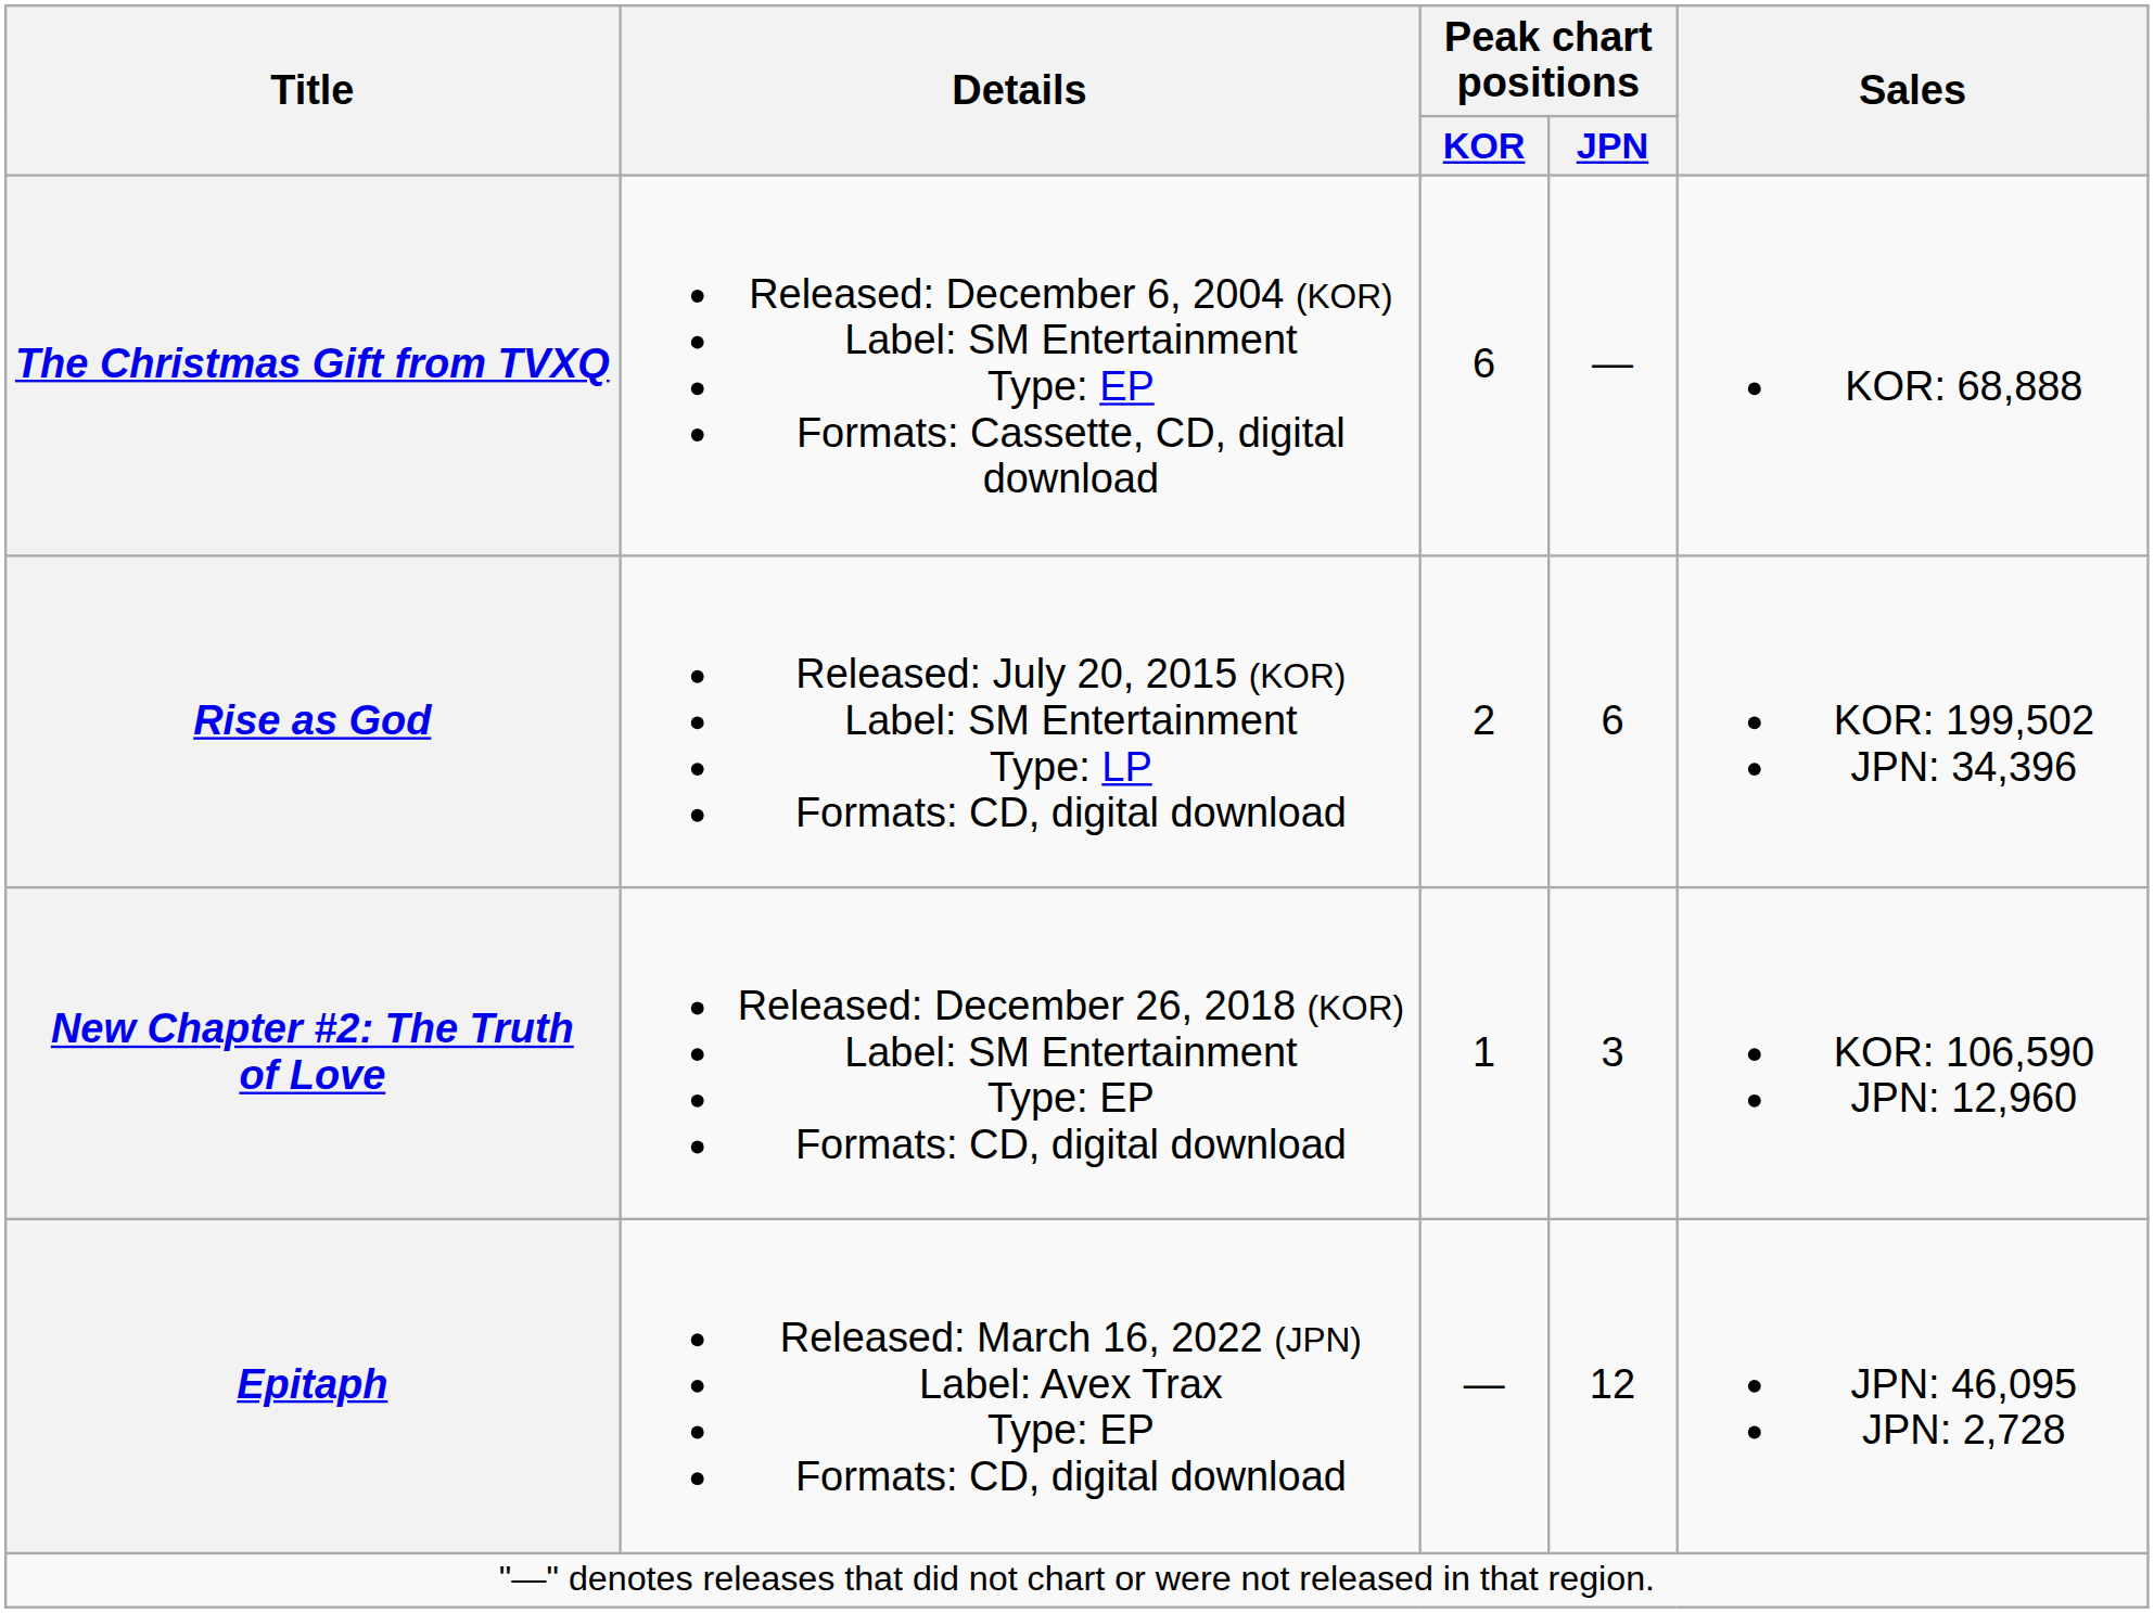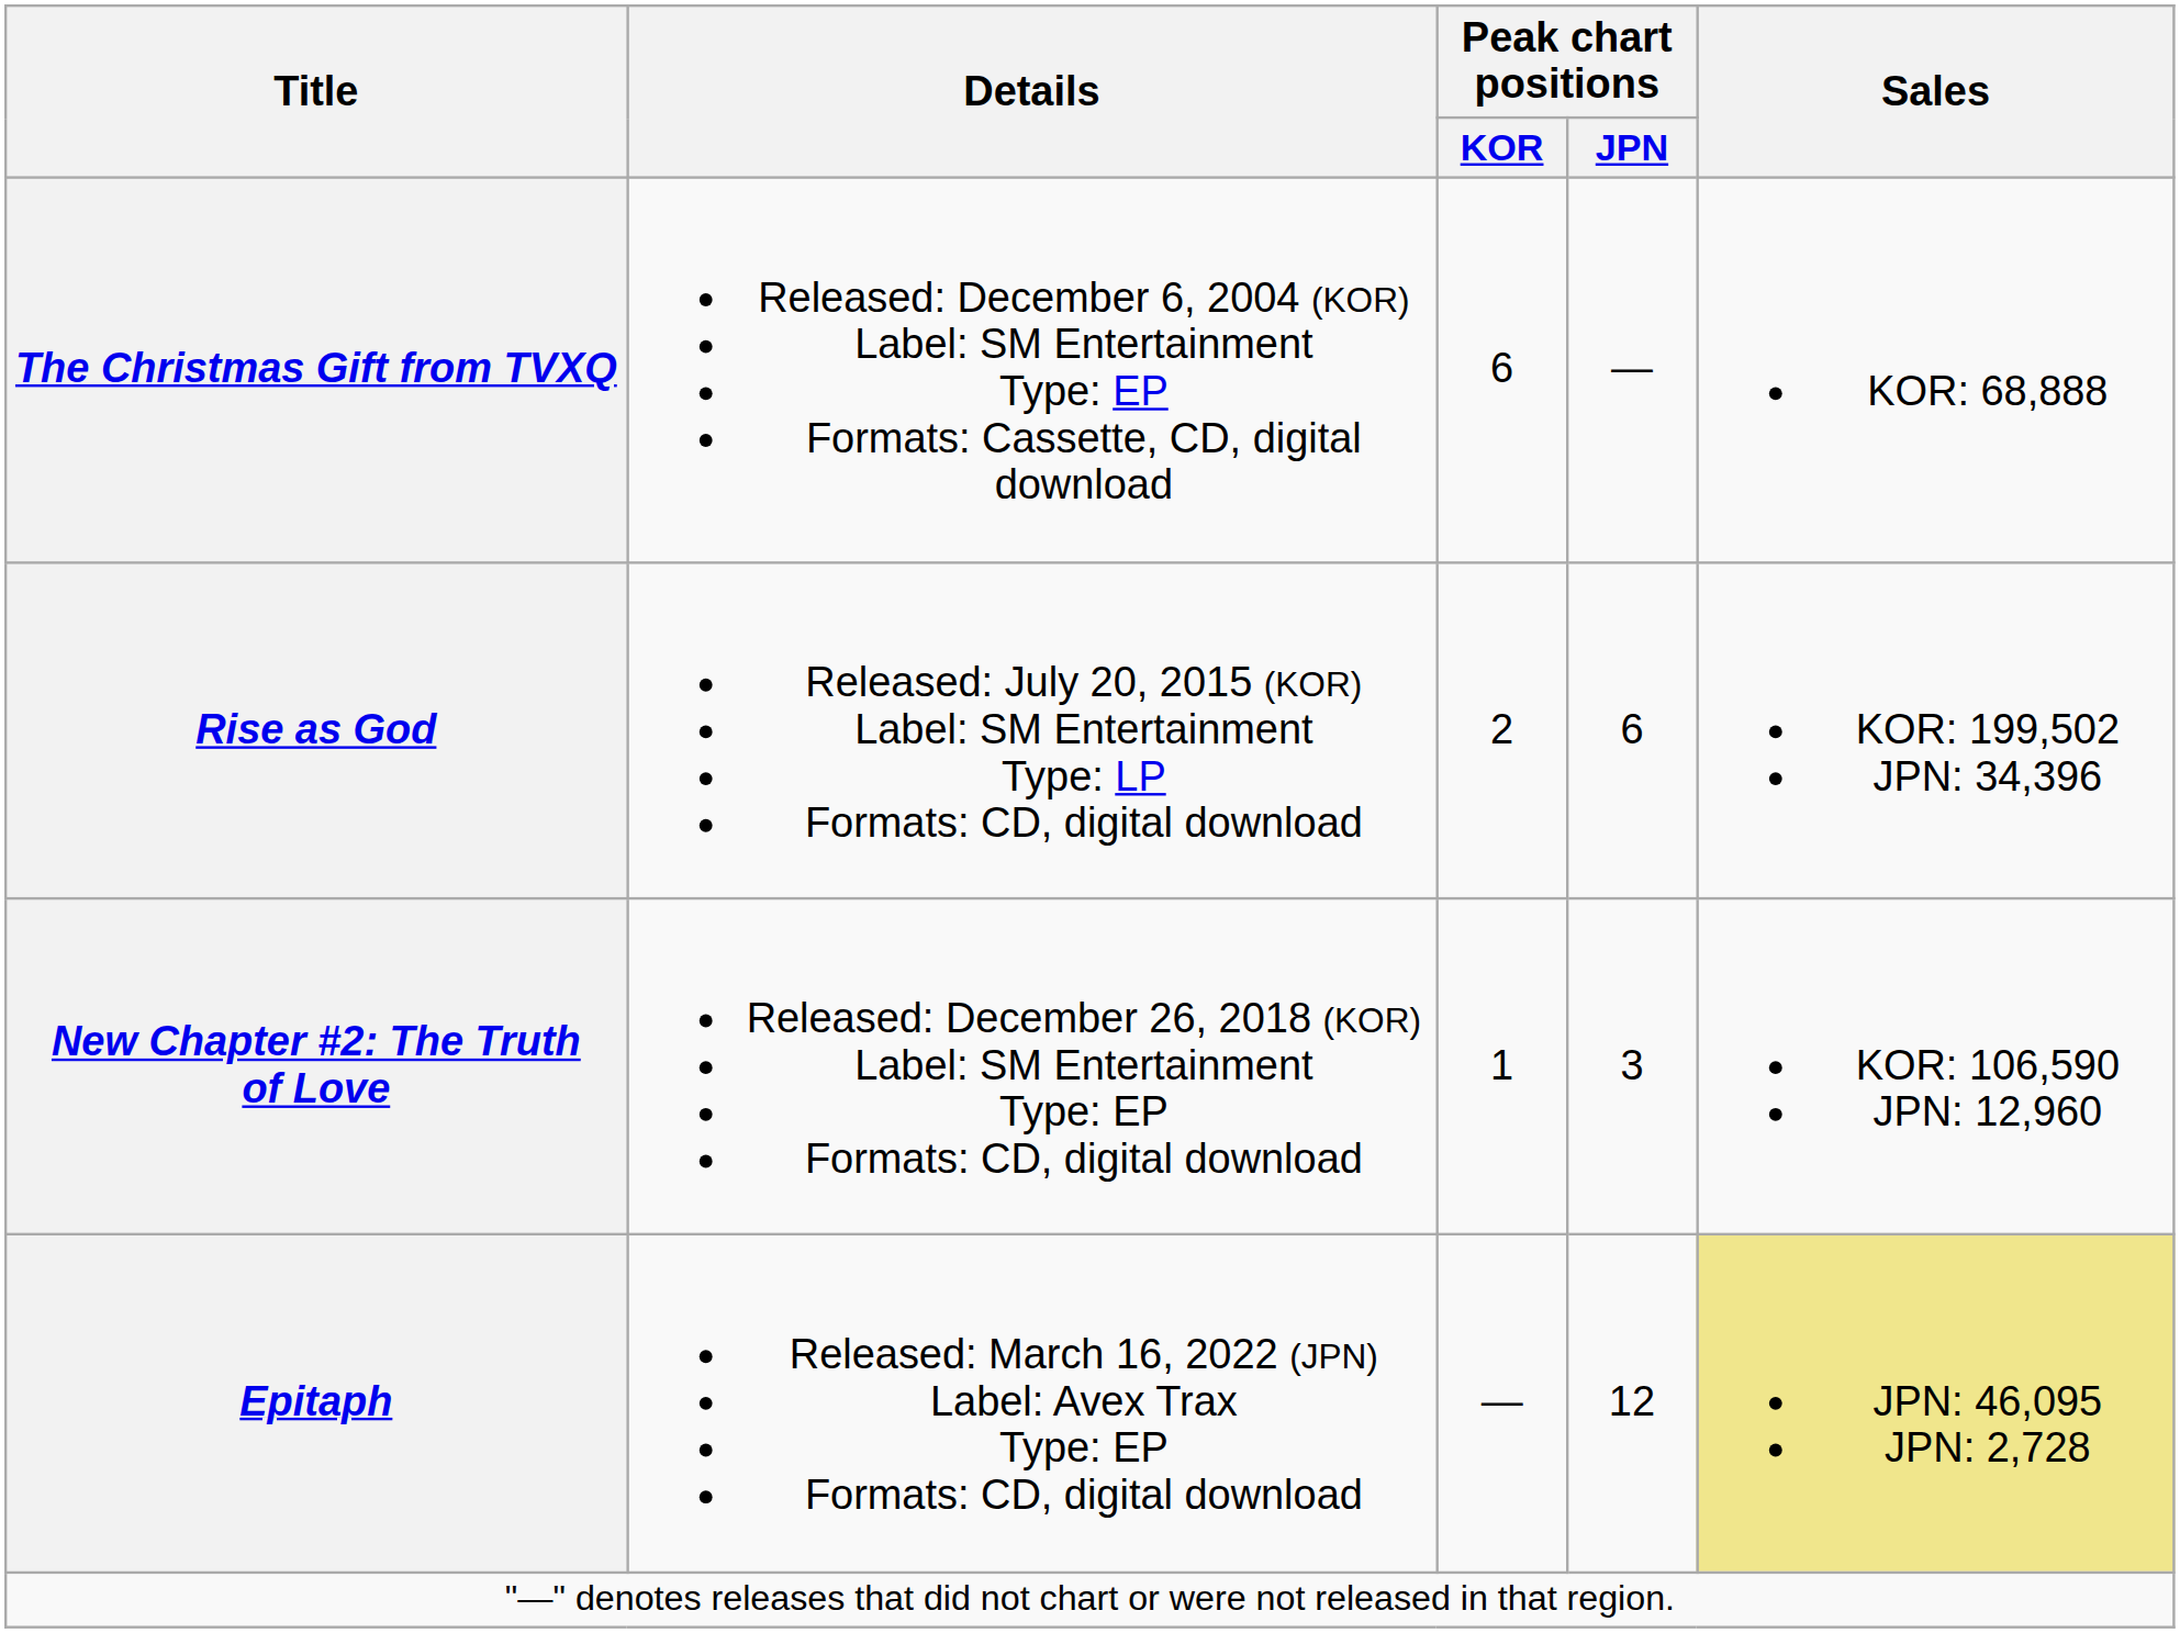 <table class="wikitable plainrowheaders" style="text-align:center;">
 <tr>
 <th scope="col" rowspan="2">Title</th>
 <th scope="col" rowspan="2" style="width:19em;">Details</th>
 <th scope="col" colspan="2">Peak chart positions</th>
 <th scope="col" rowspan="2" style="width:11em;">Sales</th>
 </tr>
 <tr>
 <th scope="col" style="width:3em;font-size:90%;"><a href='#'>KOR</a><br></th>
 <th scope="col" style="width:3em;font-size:90%;"><a href='#'>JPN</a><br></th>
 </tr>
 <tr>
 <th scope="row"><em><a href='#'>The Christmas Gift from TVXQ</a></em></th>
 <td><br><ul><li>Released: December 6, 2004 <small>(KOR)</small></li><li>Label: SM Entertainment</li><li>Type: <a href='#'>EP</a></li><li>Formats: Cassette, CD, digital download</li></ul></td>
 <td style="text-align:center;">6</td>
 <td style="text-align:center;">—</td>
 <td><br><ul><li>KOR: 68,888</li></ul></td>
 </tr>
 <tr>
 <th scope="row"><em><a href='#'>Rise as God</a></em></th>
 <td><br><ul><li>Released: July 20, 2015 <small>(KOR)</small></li><li>Label: SM Entertainment</li><li>Type: <a href='#'>LP</a></li><li>Formats: CD, digital download</li></ul></td>
 <td style="text-align:center;">2</td>
 <td style="text-align:center;">6</td>
 <td><br><ul><li>KOR: 199,502</li><li>JPN: 34,396</li></ul></td>
 </tr>
 <tr>
 <th scope="row"><em><a href='#'>New Chapter #2: The Truth<br>of Love</a></em></th>
 <td><br><ul><li>Released: December 26, 2018 <small>(KOR)</small></li><li>Label: SM Entertainment</li><li>Type: EP</li><li>Formats: CD, digital download</li></ul></td>
 <td style="text-align:center;">1</td>
 <td>3</td>
 <td><br><ul><li>KOR: 106,590</li><li>JPN: 12,960</li></ul></td>
 </tr>
 <tr>
 <th scope="row"><em><a href='#'>Epitaph</a></em></th>
 <td><br><ul><li>Released: March 16, 2022 <small>(JPN)</small></li><li>Label: Avex Trax</li><li>Type: EP</li><li>Formats: CD, digital download</li></ul></td>
 <td>—</td>
 <td style="text-align:center;">12</td>
-<td><br><ul><li>JPN: 46,095 </li><li>JPN: 2,728 </li></ul></td>
+<td style="background: khaki;"><br><ul><li>JPN: 46,095 </li><li>JPN: 2,728 </li></ul></td>
 </tr>
 <tr>
 <td align="center" colspan="14" style="font-size:85%">"—" denotes releases that did not chart or were not released in that region.</td>
 </tr>
 </table>
